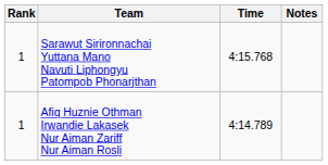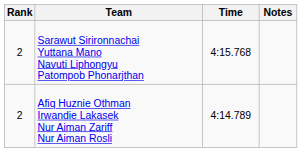 <table class=wikitable style="text-align:center">
 <tr>
 <th width=40>Rank</th>
 <th width=250>Team</th>
 <th width=80>Time</th>
 <th width=50>Notes</th>
 </tr>
 <tr>
-<td>1</td>
+<td>2</td>
 <td align=left><br><a href='#'>Sarawut Sirironnachai</a><br><a href='#'>Yuttana Mano</a><br><a href='#'>Navuti Liphongyu</a><br><a href='#'>Patompob Phonarjthan</a></td>
 <td>4:15.768</td>
 <td></td>
 </tr>
 <tr>
-<td>1</td>
+<td>2</td>
 <td align=left><br><a href='#'>Afiq Huznie Othman</a><br><a href='#'>Irwandie Lakasek</a><br><a href='#'>Nur Aiman Zariff</a><br><a href='#'>Nur Aiman Rosli</a></td>
 <td>4:14.789</td>
 <td></td>
 </tr>
 </table>
